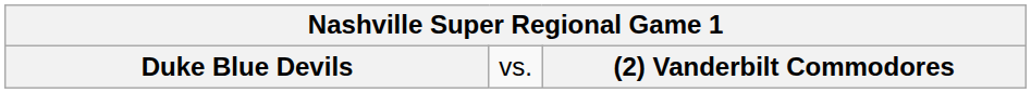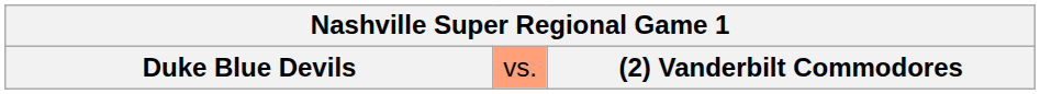 <table class="wikitable">
 <tr>
 <th style="width: 604px;" colspan=3>Nashville Super Regional Game 1</th>
 </tr>
 <tr>
 <th style="width: 289px; ">Duke Blue Devils</th>
-<td style="width: 25px; text-align:center">vs.</td>
+<td style="background: lightsalmon; width: 25px; text-align:center">vs.</td>
 <th style="width: 289px; ">(2) Vanderbilt Commodores</th>
 </tr>
 </table>
